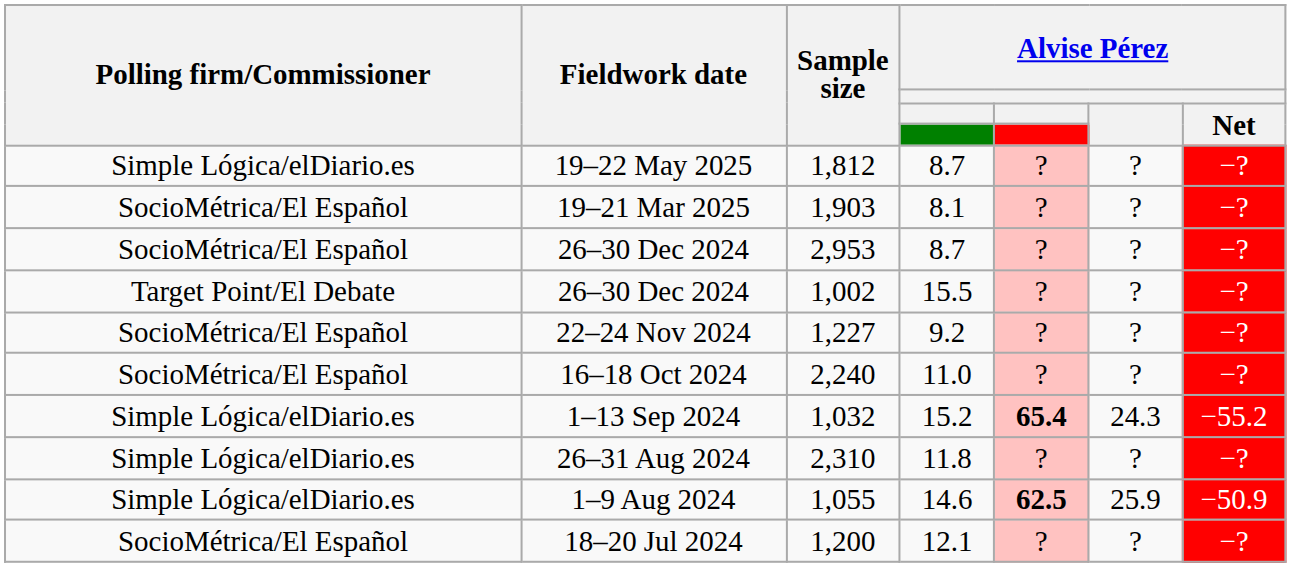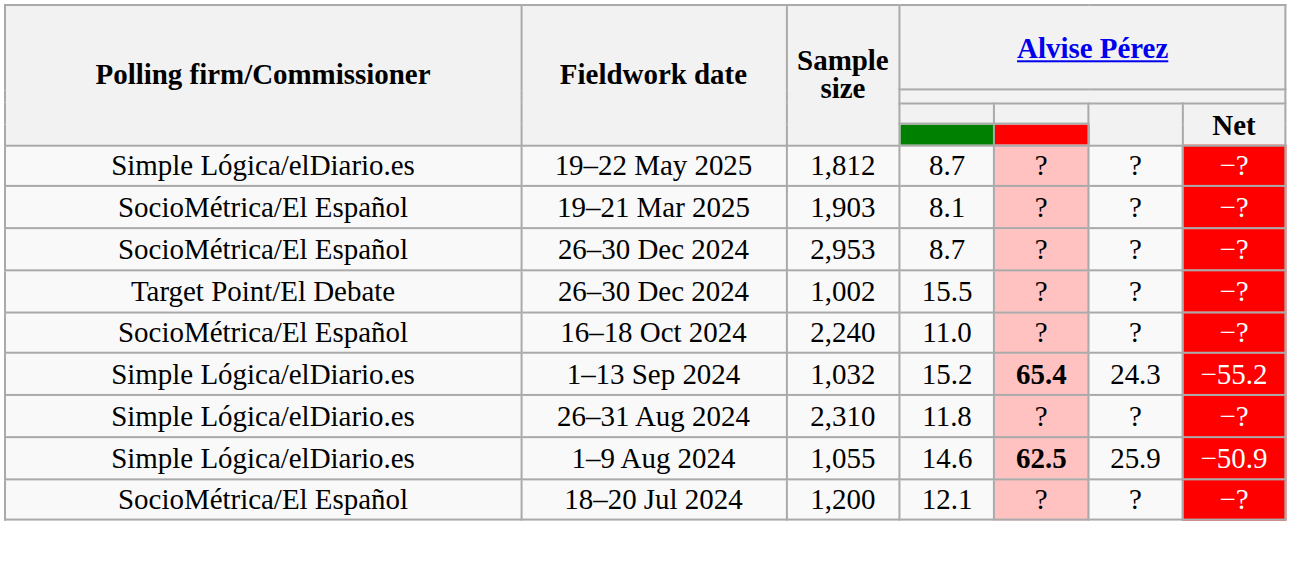 <table class="wikitable collapsible collapsed" style="text-align:center; font-size:90%; line-height:14px;">
 <tr style="height:42px;">
 <th style="width:250px;" rowspan="4">Polling firm/Commissioner</th>
 <th style="width:125px;" rowspan="4">Fieldwork date</th>
 <th style="width:50px;" rowspan="4">Sample size</th>
 <th style="width:185px;" colspan="4"><a href='#'>Alvise Pérez</a><br></th>
 </tr>
 <tr>
 <th colspan="4" style="background:"></th>
 </tr>
 <tr>
 <th style="width:30px;"></th>
 <th style="width:30px;"></th>
 <th style="width:30px;" rowspan="2"></th>
 <th style="width:30px;" rowspan="2">Net</th>
 </tr>
 <tr>
 <th style="color:inherit;background:#008000;"></th>
 <th style="color:inherit;background:#FF0000;"></th>
 </tr>
 <tr>
 <td>Simple Lógica/elDiario.es</td>
 <td>19–22 May 2025</td>
 <td>1,812</td>
 <td>8.7</td>
 <td style="background:#FFC2C1;">?</td>
 <td>?</td>
 <td style="background:#FF0000; color:white;">−?</td>
 </tr>
 <tr>
 <td>SocioMétrica/El Español</td>
 <td>19–21 Mar 2025</td>
 <td>1,903</td>
 <td>8.1</td>
 <td style="background:#FFC2C1;">?</td>
 <td>?</td>
 <td style="background:#FF0000; color:white;">−?</td>
 </tr>
 <tr>
 <td>SocioMétrica/El Español</td>
 <td>26–30 Dec 2024</td>
 <td>2,953</td>
 <td>8.7</td>
 <td style="background:#FFC2C1;">?</td>
 <td>?</td>
 <td style="background:#FF0000; color:white;">−?</td>
 </tr>
 <tr>
 <td>Target Point/El Debate</td>
 <td>26–30 Dec 2024</td>
 <td>1,002</td>
 <td>15.5</td>
 <td style="background:#FFC2C1;">?</td>
 <td>?</td>
 <td style="background:#FF0000; color:white;">−?</td>
 </tr>
 <tr>
 <td>SocioMétrica/El Español</td>
-<td>22–24 Nov 2024</td>
-<td>1,227</td>
-<td>9.2</td>
-<td style="background:#FFC2C1;">?</td>
-<td>?</td>
-<td style="background:#FF0000; color:white;">−?</td>
-</tr>
-<tr>
-<td>SocioMétrica/El Español</td>
 <td>16–18 Oct 2024</td>
 <td>2,240</td>
 <td>11.0</td>
 <td style="background:#FFC2C1;">?</td>
 <td>?</td>
 <td style="background:#FF0000; color:white;">−?</td>
 </tr>
 <tr>
 <td>Simple Lógica/elDiario.es</td>
 <td>1–13 Sep 2024</td>
 <td>1,032</td>
 <td>15.2</td>
 <td style="background:#FFC2C1;"><strong>65.4</strong></td>
 <td>24.3</td>
 <td style="background:#FF0000; color:white;">−55.2</td>
 </tr>
 <tr>
 <td>Simple Lógica/elDiario.es</td>
 <td>26–31 Aug 2024</td>
 <td>2,310</td>
 <td>11.8</td>
 <td style="background:#FFC2C1;">?</td>
 <td>?</td>
 <td style="background:#FF0000; color:white;">−?</td>
 </tr>
 <tr>
 <td>Simple Lógica/elDiario.es</td>
 <td>1–9 Aug 2024</td>
 <td>1,055</td>
 <td>14.6</td>
 <td style="background:#FFC2C1;"><strong>62.5</strong></td>
 <td>25.9</td>
 <td style="background:#FF0000; color:white;">−50.9</td>
 </tr>
 <tr>
 <td>SocioMétrica/El Español</td>
 <td>18–20 Jul 2024</td>
 <td>1,200</td>
 <td>12.1</td>
 <td style="background:#FFC2C1;">?</td>
 <td>?</td>
 <td style="background:#FF0000; color:white;">−?</td>
 </tr>
 </table>
